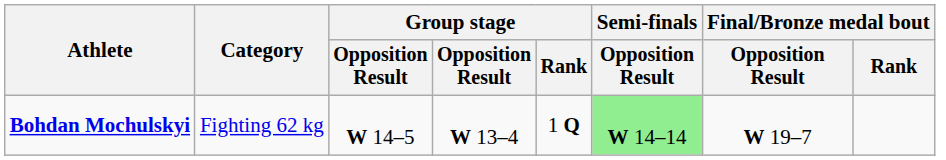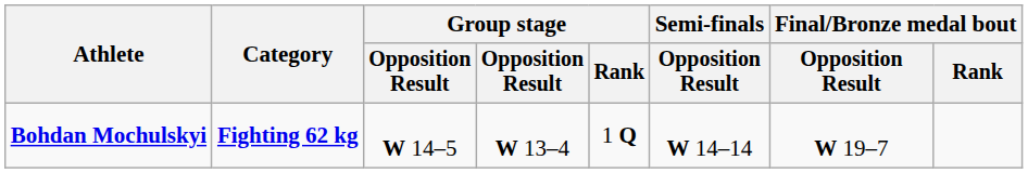 <table class="wikitable" style="text-align:center; font-size:90%">
 <tr>
 <th rowspan=2>Athlete</th>
 <th rowspan=2>Category</th>
 <th colspan=3>Group stage</th>
 <th>Semi-finals</th>
 <th colspan=2>Final/Bronze medal bout</th>
 </tr>
 <tr style="font-size:95%">
 <th>Opposition<br>Result</th>
 <th>Opposition<br>Result</th>
 <th>Rank</th>
 <th>Opposition<br>Result</th>
 <th>Opposition<br>Result</th>
 <th>Rank</th>
 </tr>
 <tr>
 <td align=left><strong><a href='#'>Bohdan Mochulskyi</a></strong></td>
-<td align=left><a href='#'>Fighting 62 kg</a></td>
+<td align=left><strong><a href='#'>Fighting 62 kg</a></strong></td>
 <td><br> <strong>W</strong> 14–5</td>
 <td><br> <strong>W</strong> 13–4</td>
 <td>1 <strong>Q</strong></td>
-<td style="background: lightgreen;"><br> <strong>W</strong> 14–14</td>
+<td><br> <strong>W</strong> 14–14</td>
 <td><br> <strong>W</strong> 19–7</td>
 <td></td>
 </tr>
 </table>
